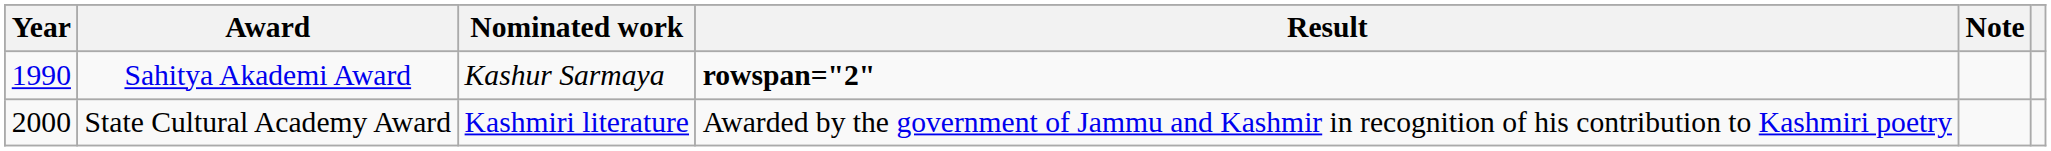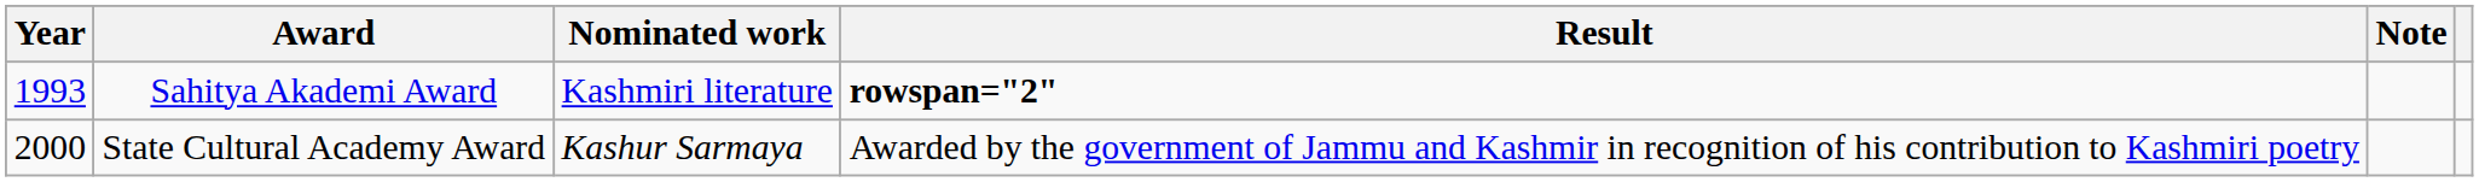 <table class="wikitable sortable">
 <tr>
 <th>Year</th>
 <th>Award</th>
 <th>Nominated work</th>
 <th>Result</th>
 <th>Note</th>
 <th></th>
 </tr>
 <tr>
-<td style="text-align:center;"><a href='#'>1990</a></td>
+<td style="text-align:center;"><a href='#'>1993</a></td>
 <td style="text-align:center;"><a href='#'>Sahitya Akademi Award</a></td>
-<td><em>Kashur Sarmaya</em></td>
+<td><a href='#'>Kashmiri literature</a></td>
 <td><strong>rowspan="2"</strong></td>
 <td></td>
 <td></td>
 </tr>
 <tr>
 <td style="text-align:center;">2000</td>
 <td style="text-align:center;">State Cultural Academy Award</td>
-<td><a href='#'>Kashmiri literature</a></td>
+<td><em>Kashur Sarmaya</em></td>
 <td>Awarded by the <a href='#'>government of Jammu and Kashmir</a> in recognition of his contribution to <a href='#'>Kashmiri poetry</a></td>
 <td></td>
 </tr>
 </table>
